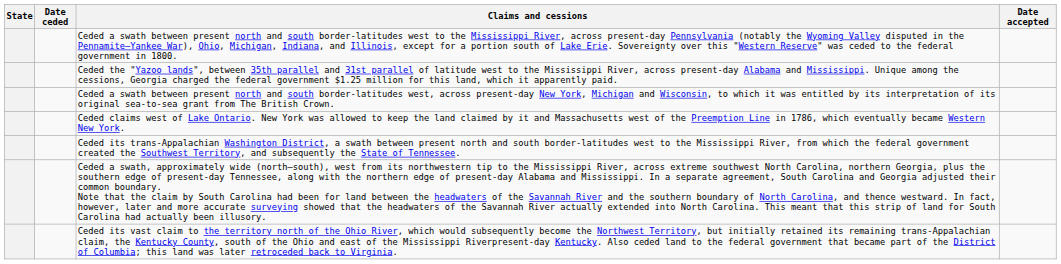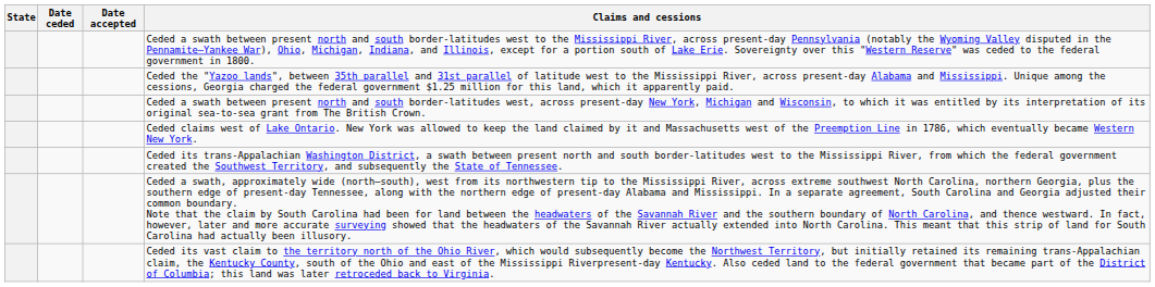 <table class="sortable wikitable plainrowheaders">
 <tr>
 <th scope="col">State</th>
 <th scope="col">Date ceded</th>
+<th scope="col">Date accepted</th>
 <th scope="col" class="unsortable">Claims and cessions</th>
-<th scope="col">Date accepted</th>
 </tr>
 <tr>
 <th scope="row"></th>
 <td></td>
+<td></td>
 <td>Ceded a swath between present <a href='#'>north</a> and <a href='#'>south</a> border-latitudes west to the <a href='#'>Mississippi River</a>, across present-day <a href='#'>Pennsylvania</a> (notably the <a href='#'>Wyoming Valley</a> disputed in the <a href='#'>Pennamite–Yankee War</a>), <a href='#'>Ohio</a>, <a href='#'>Michigan</a>, <a href='#'>Indiana</a>, and <a href='#'>Illinois</a>, except for a portion south of <a href='#'>Lake Erie</a>. Sovereignty over this "<a href='#'>Western Reserve</a>" was ceded to the federal government in 1800.</td>
-<td></td>
 </tr>
 <tr>
 <th scope="row"></th>
 <td></td>
+<td></td>
 <td>Ceded the "<a href='#'>Yazoo lands</a>", between <a href='#'>35th parallel</a> and <a href='#'>31st parallel</a> of latitude west to the Mississippi River, across present-day <a href='#'>Alabama</a> and <a href='#'>Mississippi</a>. Unique among the cessions, Georgia charged the federal government $1.25 million for this land, which it apparently paid.</td>
-<td></td>
 </tr>
 <tr>
 <th scope="row"></th>
 <td></td>
+<td></td>
 <td>Ceded a swath between present <a href='#'>north</a> and <a href='#'>south</a> border-latitudes west, across present-day <a href='#'>New York</a>, <a href='#'>Michigan</a> and <a href='#'>Wisconsin</a>, to which it was entitled by its interpretation of its original sea-to-sea grant from The British Crown.</td>
-<td></td>
 </tr>
 <tr>
 <th scope="row"></th>
 <td></td>
+<td></td>
 <td>Ceded claims west of <a href='#'>Lake Ontario</a>. New York was allowed to keep the land claimed by it and Massachusetts west of the <a href='#'>Preemption Line</a> in 1786, which eventually became <a href='#'>Western New York</a>.</td>
-<td></td>
 </tr>
 <tr>
 <th scope="row"></th>
 <td></td>
+<td></td>
 <td>Ceded its trans-Appalachian <a href='#'>Washington District</a>, a swath between present north and south border-latitudes west to the Mississippi River, from which the federal government created the <a href='#'>Southwest Territory</a>, and subsequently the <a href='#'>State of Tennessee</a>.</td>
-<td></td>
 </tr>
 <tr>
 <th scope="row"></th>
 <td></td>
+<td></td>
 <td>Ceded a swath, approximately  wide (north–south), west from its northwestern tip to the Mississippi River, across extreme southwest North Carolina, northern Georgia, plus the southern edge of present-day Tennessee, along with the northern edge of present-day Alabama and Mississippi. In a separate agreement, South Carolina and Georgia adjusted their common boundary.<br>Note that the claim by South Carolina had been for land between the <a href='#'>headwaters</a> of the <a href='#'>Savannah River</a> and the southern boundary of <a href='#'>North Carolina</a>, and thence westward. In fact, however, later and more accurate <a href='#'>surveying</a> showed that the headwaters of the Savannah River actually extended into North Carolina. This meant that this strip of land for South Carolina had actually been illusory.</td>
-<td></td>
 </tr>
 <tr>
 <th scope="row"></th>
 <td></td>
+<td></td>
 <td>Ceded its vast claim to <a href='#'>the territory north of the Ohio River</a>, which would subsequently become the <a href='#'>Northwest Territory</a>, but initially retained its remaining trans-Appalachian claim, the <a href='#'>Kentucky County</a>, south of the Ohio and east of the Mississippi Riverpresent-day <a href='#'>Kentucky</a>. Also ceded land to the federal government that became part of the <a href='#'>District of Columbia</a>; this land was later <a href='#'>retroceded back to Virginia</a>.</td>
-<td></td>
 </tr>
 </table>
